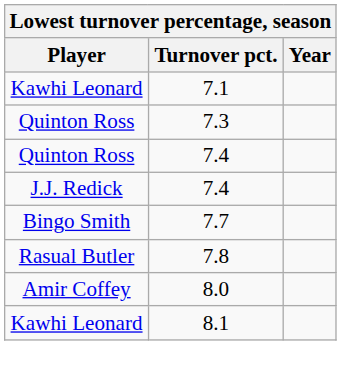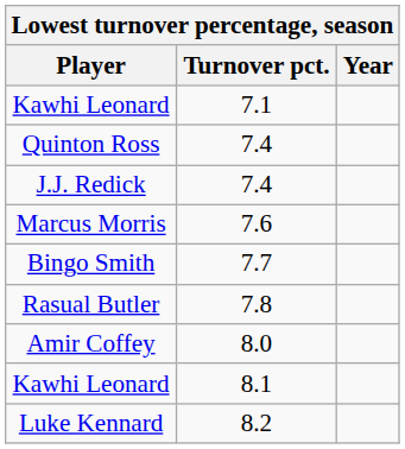 <table class="wikitable sortable" style="text-align:center">
 <tr>
 <th colspan="3">Lowest turnover percentage, season</th>
 </tr>
 <tr>
 <th>Player</th>
 <th>Turnover pct.</th>
 <th>Year</th>
 </tr>
 <tr>
 <td><a href='#'>Kawhi Leonard</a></td>
 <td>7.1</td>
 <td></td>
 </tr>
 <tr>
 <td><a href='#'>Quinton Ross</a></td>
-<td>7.3</td>
-<td></td>
-</tr>
-<tr>
-<td><a href='#'>Quinton Ross</a></td>
 <td>7.4</td>
 <td></td>
 </tr>
 <tr>
 <td><a href='#'>J.J. Redick</a></td>
 <td>7.4</td>
+<td></td>
+</tr>
+<tr>
+<td><a href='#'>Marcus Morris</a></td>
+<td>7.6</td>
 <td></td>
 </tr>
 <tr>
 <td><a href='#'>Bingo Smith</a></td>
 <td>7.7</td>
 <td></td>
 </tr>
 <tr>
 <td><a href='#'>Rasual Butler</a></td>
 <td>7.8</td>
 <td></td>
 </tr>
 <tr>
 <td><a href='#'>Amir Coffey</a></td>
 <td>8.0</td>
 <td></td>
 </tr>
 <tr>
 <td><a href='#'>Kawhi Leonard</a></td>
 <td>8.1</td>
 <td></td>
 </tr>
+<tr>
+<td><a href='#'>Luke Kennard</a></td>
+<td>8.2</td>
+<td></td>
+</tr>
 </table>
